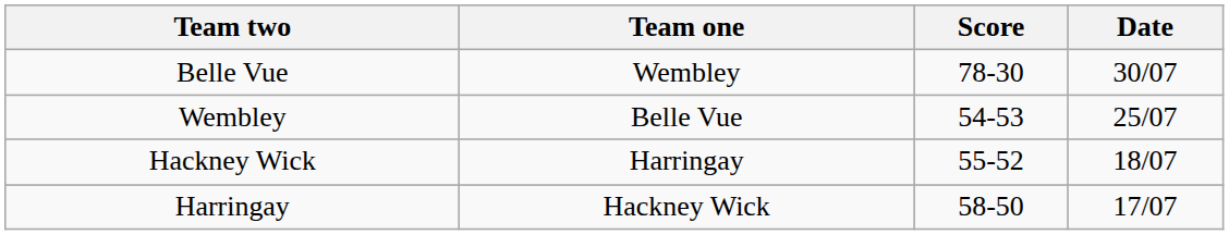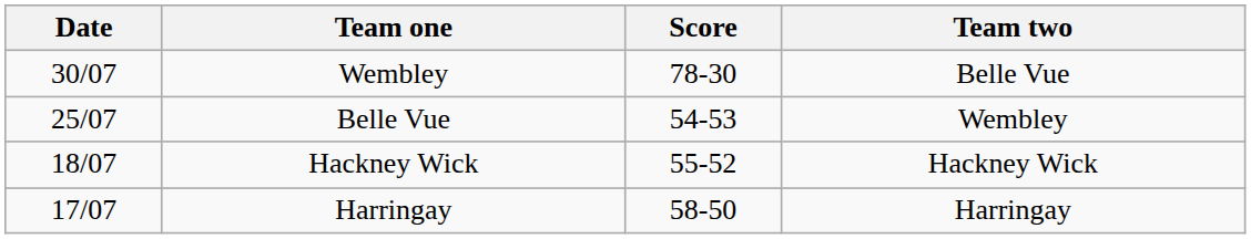 <table class="wikitable" style="text-align: center">
 <tr>
-<th width=250>Team two</th>
+<th width=80>Date</th>
 <th width=250>Team one</th>
 <th width=80>Score</th>
-<th width=80>Date</th>
+<th width=250>Team two</th>
 </tr>
 <tr>
-<td>Belle Vue</td>
+<td>30/07</td>
 <td>Wembley</td>
 <td>78-30</td>
-<td>30/07</td>
+<td>Belle Vue</td>
 </tr>
 <tr>
-<td>Wembley</td>
+<td>25/07</td>
 <td>Belle Vue</td>
 <td>54-53</td>
-<td>25/07</td>
+<td>Wembley</td>
 </tr>
 <tr>
+<td>18/07</td>
 <td>Hackney Wick</td>
-<td>Harringay</td>
 <td>55-52</td>
-<td>18/07</td>
+<td>Hackney Wick</td>
 </tr>
 <tr>
+<td>17/07</td>
 <td>Harringay</td>
-<td>Hackney Wick</td>
 <td>58-50</td>
-<td>17/07</td>
+<td>Harringay</td>
 </tr>
 </table>
